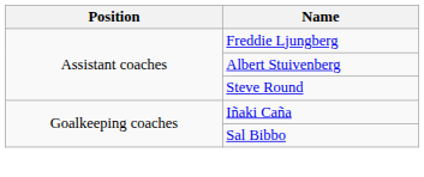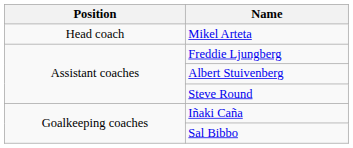 <table class="wikitable" style="text-align:center; width:50%;">
 <tr>
 <th>Position</th>
 <th>Name</th>
+</tr>
+<tr>
+<td>Head coach</td>
+<td align="left"> <a href='#'>Mikel Arteta</a></td>
 </tr>
 <tr>
 <td rowspan="3">Assistant coaches</td>
 <td align="left"> <a href='#'>Freddie Ljungberg</a></td>
 </tr>
 <tr>
 <td align="left"> <a href='#'>Albert Stuivenberg</a></td>
 </tr>
 <tr>
 <td align="left"> <a href='#'>Steve Round</a></td>
 </tr>
 <tr>
 <td rowspan="2">Goalkeeping coaches</td>
 <td align="left"> <a href='#'>Iñaki Caña</a></td>
 </tr>
 <tr>
 <td align="left"> <a href='#'>Sal Bibbo</a></td>
 </tr>
 </table>
